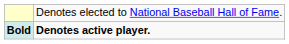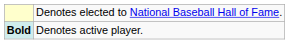 <table class="wikitable plainrowheaders">
 <tr>
 <th scope="row" style="background:#ffc;"></th>
 <td>Denotes elected to <a href='#'>National Baseball Hall of Fame</a>. <br></td>
 </tr>
 <tr>
 <th scope="row" style="background:#cfecec;"><strong>Bold</strong></th>
-<td><strong>Denotes active player.<br></strong></td>
+<td>Denotes active player.<br></td>
 </tr>
 </table>
